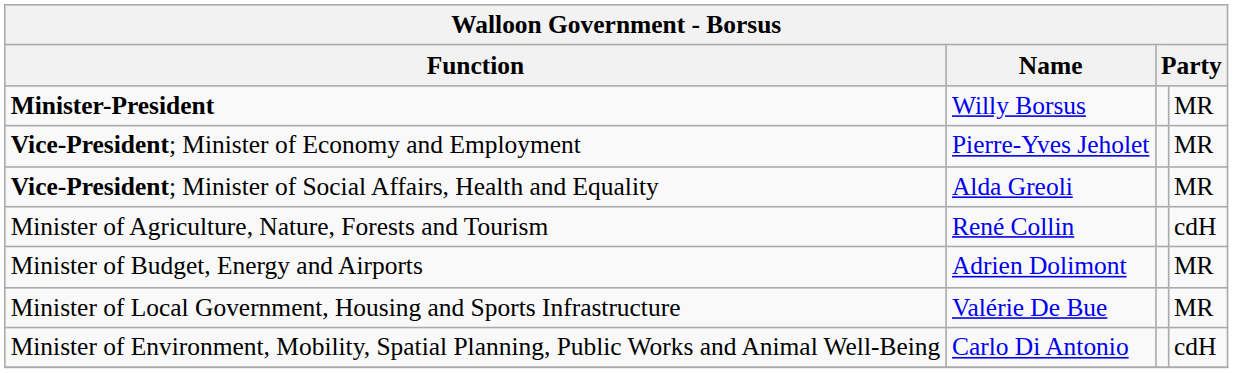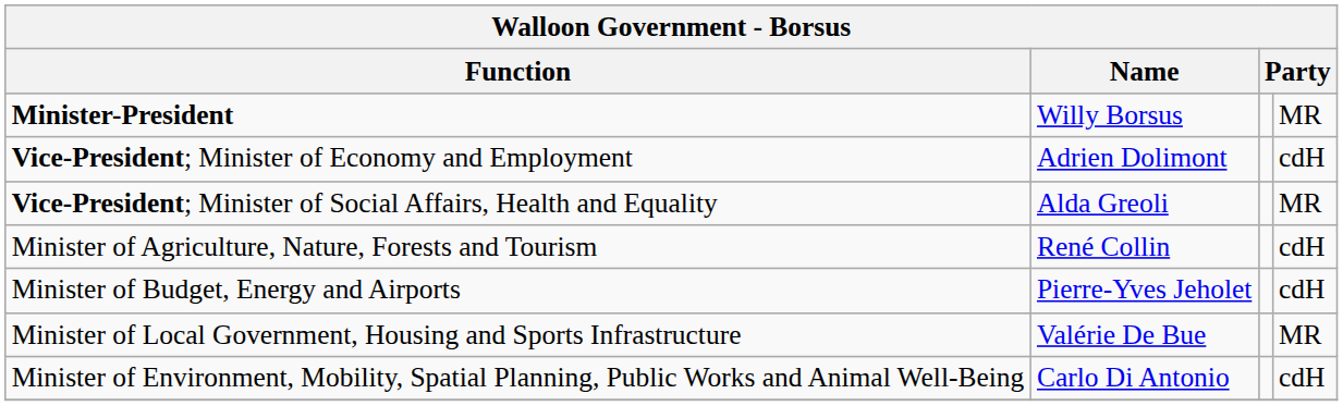 <table class="wikitable">
 <tr>
 <th colspan="4">Walloon Government - Borsus</th>
 </tr>
 <tr>
 <th>Function</th>
 <th>Name</th>
 <th colspan=2 >Party</th>
 </tr>
 <tr>
 <td><strong>Minister-President</strong></td>
 <td><a href='#'>Willy Borsus</a></td>
 <td style="background-color:"></td>
 <td>MR</td>
 </tr>
 <tr>
 <td><strong>Vice-President</strong>; Minister of Economy and Employment</td>
-<td><a href='#'>Pierre-Yves Jeholet</a></td>
+<td><a href='#'>Adrien Dolimont</a></td>
 <td style="background-color:"></td>
-<td>MR</td>
+<td>cdH</td>
 </tr>
 <tr>
 <td><strong>Vice-President</strong>; Minister of Social Affairs, Health and Equality</td>
 <td><a href='#'>Alda Greoli</a></td>
 <td style="background-color:"></td>
 <td>MR</td>
 </tr>
 <tr>
 <td>Minister of Agriculture, Nature, Forests and Tourism</td>
 <td><a href='#'>René Collin</a></td>
 <td style="background-color:"></td>
 <td>cdH</td>
 </tr>
 <tr>
 <td>Minister of Budget, Energy and Airports</td>
-<td><a href='#'>Adrien Dolimont</a></td>
+<td><a href='#'>Pierre-Yves Jeholet</a></td>
 <td style="background-color:"></td>
-<td>MR</td>
+<td>cdH</td>
 </tr>
 <tr>
 <td>Minister of Local Government, Housing and Sports Infrastructure</td>
 <td><a href='#'>Valérie De Bue</a></td>
 <td style="background-color:"></td>
 <td>MR</td>
 </tr>
 <tr>
 <td>Minister of Environment, Mobility, Spatial Planning, Public Works and Animal Well-Being</td>
 <td><a href='#'>Carlo Di Antonio</a></td>
 <td style="background-color:"></td>
 <td>cdH</td>
 </tr>
 <tr>
 </tr>
 </table>
